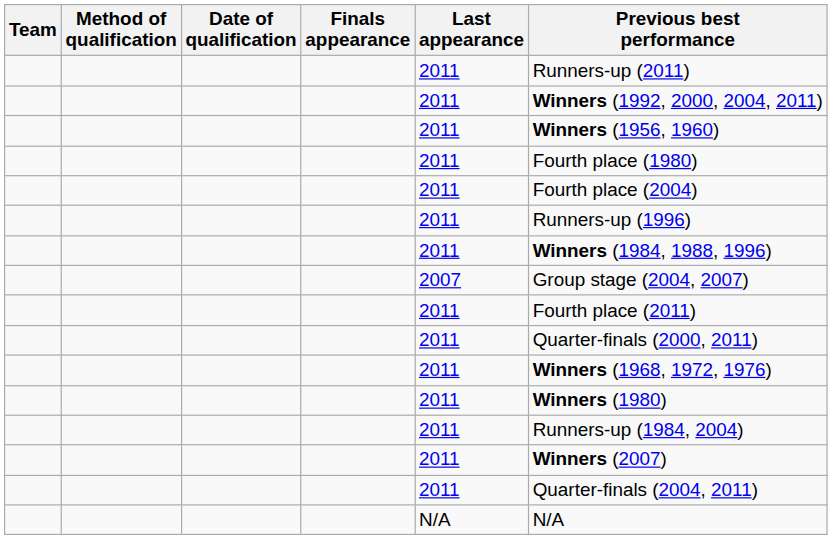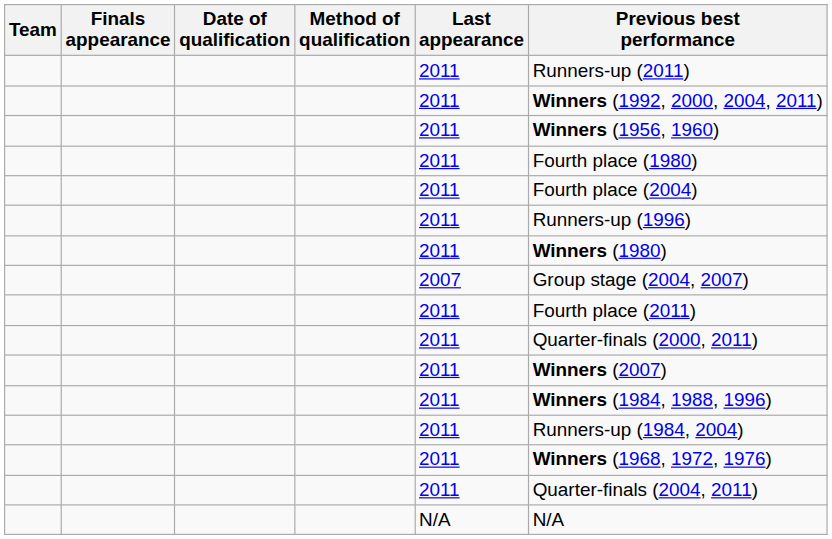 <table class="wikitable sortable" style="text-align: left;">
 <tr>
 <th>Team</th>
+<th>Finals<br>appearance</th>
+<th>Date of<br>qualification</th>
 <th>Method of<br>qualification</th>
-<th>Date of<br>qualification</th>
-<th>Finals<br>appearance</th>
 <th>Last<br>appearance</th>
 <th>Previous best<br>performance</th>
 </tr>
 <tr>
 <td></td>
 <td></td>
 <td></td>
 <td></td>
 <td><a href='#'>2011</a></td>
 <td>Runners-up (<a href='#'>2011</a>)</td>
 </tr>
 <tr>
 <td></td>
 <td></td>
 <td></td>
 <td></td>
 <td><a href='#'>2011</a></td>
 <td><strong>Winners</strong> (<a href='#'>1992</a>, <a href='#'>2000</a>, <a href='#'>2004</a>, <a href='#'>2011</a>)</td>
 </tr>
 <tr>
 <td></td>
 <td></td>
 <td></td>
 <td></td>
 <td><a href='#'>2011</a></td>
 <td><strong>Winners</strong> (<a href='#'>1956</a>, <a href='#'>1960</a>)</td>
 </tr>
 <tr>
 <td></td>
 <td></td>
 <td></td>
 <td></td>
 <td><a href='#'>2011</a></td>
 <td>Fourth place (<a href='#'>1980</a>)</td>
 </tr>
 <tr>
 <td></td>
 <td></td>
 <td></td>
 <td></td>
 <td><a href='#'>2011</a></td>
 <td>Fourth place (<a href='#'>2004</a>)</td>
 </tr>
 <tr>
 <td></td>
 <td></td>
 <td></td>
 <td></td>
 <td><a href='#'>2011</a></td>
 <td>Runners-up (<a href='#'>1996</a>)</td>
 </tr>
 <tr>
 <td></td>
 <td></td>
 <td></td>
 <td></td>
 <td><a href='#'>2011</a></td>
-<td><strong>Winners</strong> (<a href='#'>1984</a>, <a href='#'>1988</a>, <a href='#'>1996</a>)</td>
+<td><strong>Winners</strong> (<a href='#'>1980</a>)</td>
 </tr>
 <tr>
 <td></td>
 <td></td>
 <td></td>
 <td></td>
 <td><a href='#'>2007</a></td>
 <td>Group stage (<a href='#'>2004</a>, <a href='#'>2007</a>)</td>
 </tr>
 <tr>
 <td></td>
 <td></td>
 <td></td>
 <td></td>
 <td><a href='#'>2011</a></td>
 <td>Fourth place (<a href='#'>2011</a>)</td>
 </tr>
 <tr>
 <td></td>
 <td></td>
 <td></td>
 <td></td>
 <td><a href='#'>2011</a></td>
 <td>Quarter-finals (<a href='#'>2000</a>, <a href='#'>2011</a>)</td>
 </tr>
 <tr>
 <td></td>
 <td></td>
 <td></td>
 <td></td>
 <td><a href='#'>2011</a></td>
-<td><strong>Winners</strong> (<a href='#'>1968</a>, <a href='#'>1972</a>, <a href='#'>1976</a>)</td>
+<td><strong>Winners</strong> (<a href='#'>2007</a>)</td>
 </tr>
 <tr>
 <td></td>
 <td></td>
 <td></td>
 <td></td>
 <td><a href='#'>2011</a></td>
-<td><strong>Winners</strong> (<a href='#'>1980</a>)</td>
+<td><strong>Winners</strong> (<a href='#'>1984</a>, <a href='#'>1988</a>, <a href='#'>1996</a>)</td>
 </tr>
 <tr>
 <td></td>
 <td></td>
 <td></td>
 <td></td>
 <td><a href='#'>2011</a></td>
 <td>Runners-up (<a href='#'>1984</a>, <a href='#'>2004</a>)</td>
 </tr>
 <tr>
 <td></td>
 <td></td>
 <td></td>
 <td></td>
 <td><a href='#'>2011</a></td>
-<td><strong>Winners</strong> (<a href='#'>2007</a>)</td>
+<td><strong>Winners</strong> (<a href='#'>1968</a>, <a href='#'>1972</a>, <a href='#'>1976</a>)</td>
 </tr>
 <tr>
 <td></td>
 <td></td>
 <td></td>
 <td></td>
 <td><a href='#'>2011</a></td>
 <td>Quarter-finals (<a href='#'>2004</a>, <a href='#'>2011</a>)</td>
 </tr>
 <tr>
 <td></td>
 <td></td>
 <td></td>
 <td></td>
 <td>N/A</td>
 <td>N/A</td>
 </tr>
 </table>
